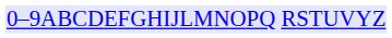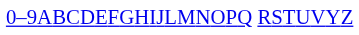 <table id="toc" class="toc" summary="Class">
 <tr>
 <th></th>
 </tr>
 <tr>
-<td style="background: lavender; text-align:center;"><a href='#'>0–9</a><a href='#'>A</a><a href='#'>B</a><a href='#'>C</a><a href='#'>D</a><a href='#'>E</a><a href='#'>F</a><a href='#'>G</a><a href='#'>H</a><a href='#'>I</a><a href='#'>J</a><a href='#'>L</a><a href='#'>M</a><a href='#'>N</a><a href='#'>O</a><a href='#'>P</a><a href='#'>Q</a> <a href='#'>R</a><a href='#'>S</a><a href='#'>T</a><a href='#'>U</a><a href='#'>V</a><a href='#'>Y</a><a href='#'>Z</a></td>
+<td style="text-align:center;"><a href='#'>0–9</a><a href='#'>A</a><a href='#'>B</a><a href='#'>C</a><a href='#'>D</a><a href='#'>E</a><a href='#'>F</a><a href='#'>G</a><a href='#'>H</a><a href='#'>I</a><a href='#'>J</a><a href='#'>L</a><a href='#'>M</a><a href='#'>N</a><a href='#'>O</a><a href='#'>P</a><a href='#'>Q</a> <a href='#'>R</a><a href='#'>S</a><a href='#'>T</a><a href='#'>U</a><a href='#'>V</a><a href='#'>Y</a><a href='#'>Z</a></td>
 </tr>
 </table>
